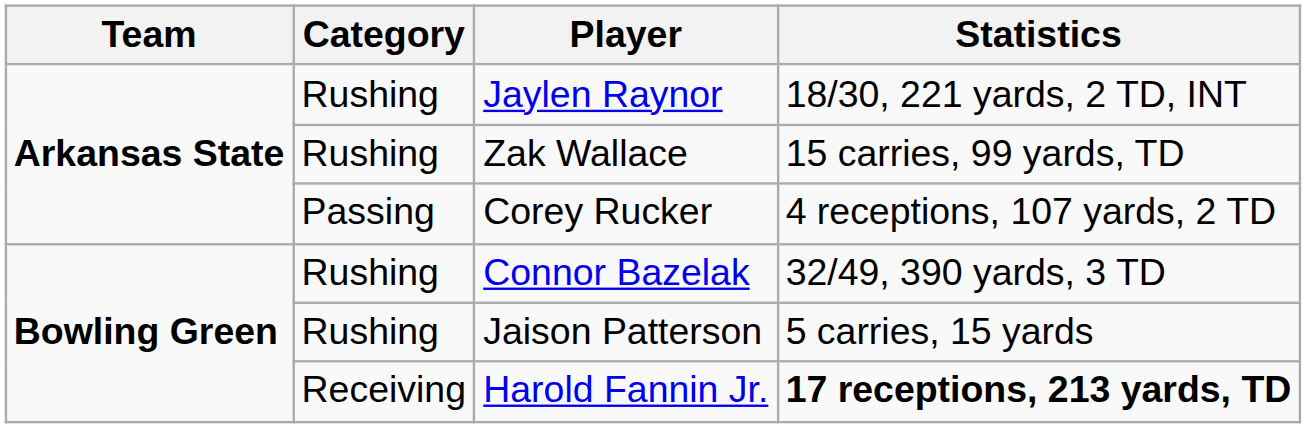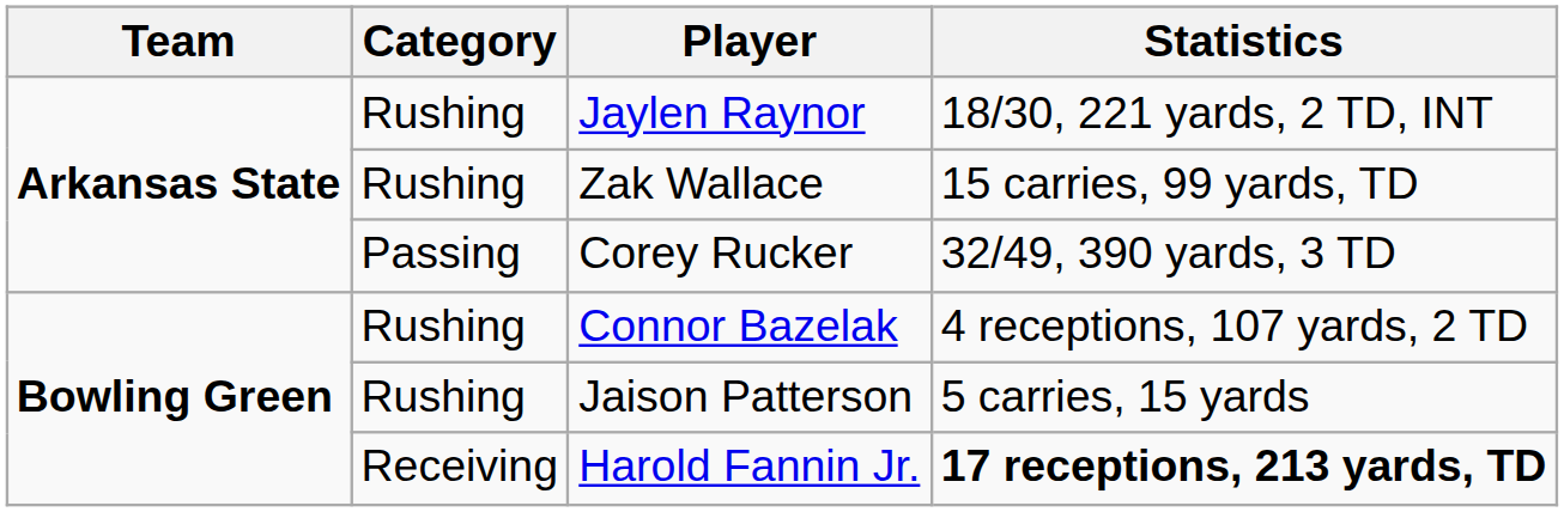 <table class="wikitable" style="float: right;">
 <tr>
 <th>Team</th>
 <th>Category</th>
 <th>Player</th>
 <th>Statistics</th>
 </tr>
 <tr>
 <td rowspan=3><strong>Arkansas State</strong></td>
 <td>Rushing</td>
 <td><a href='#'>Jaylen Raynor</a></td>
 <td>18/30, 221 yards, 2 TD, INT</td>
 </tr>
 <tr>
 <td>Rushing</td>
 <td>Zak Wallace</td>
 <td>15 carries, 99 yards, TD</td>
 </tr>
 <tr>
 <td>Passing</td>
 <td>Corey Rucker</td>
-<td>4 receptions, 107 yards, 2 TD</td>
+<td>32/49, 390 yards, 3 TD</td>
 </tr>
 <tr>
 <td rowspan=3><strong>Bowling Green</strong></td>
 <td>Rushing</td>
 <td><a href='#'>Connor Bazelak</a></td>
-<td>32/49, 390 yards, 3 TD</td>
+<td>4 receptions, 107 yards, 2 TD</td>
 </tr>
 <tr>
 <td>Rushing</td>
 <td>Jaison Patterson</td>
 <td>5 carries, 15 yards</td>
 </tr>
 <tr>
 <td>Receiving</td>
 <td><a href='#'>Harold Fannin Jr.</a></td>
 <td><strong>17 receptions, 213 yards, TD</strong></td>
 </tr>
 </table>
